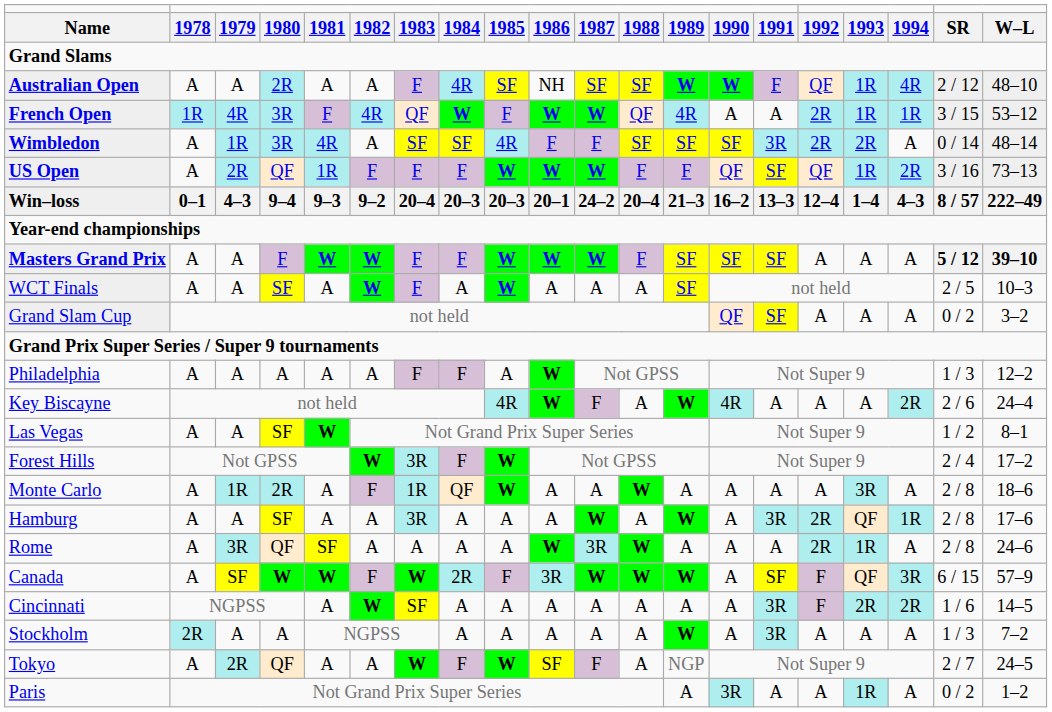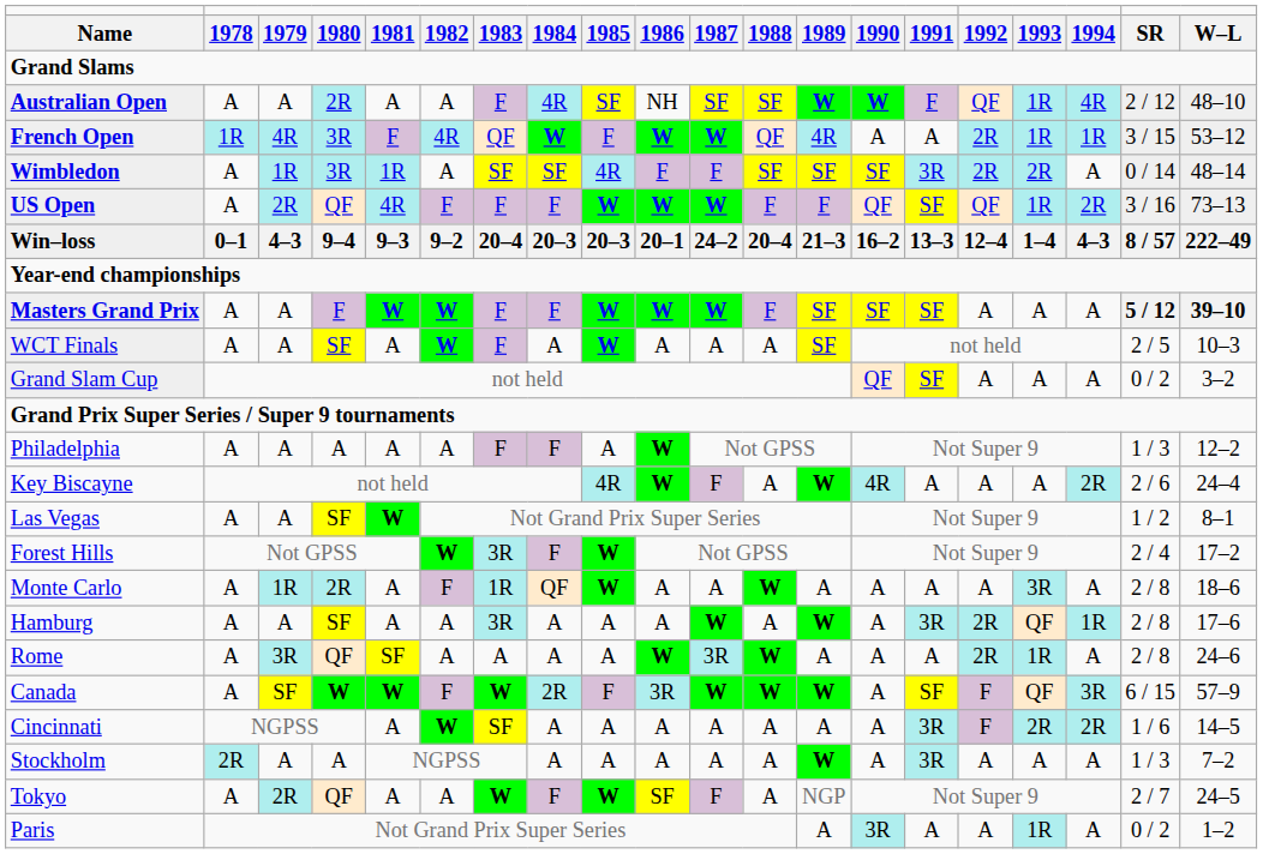 <table class="wikitable" style="text-align:center;">
 <tr>
 <td></td>
 <td colspan="14"></td>
 <td colspan="3"></td>
 <td colspan="2"></td>
 </tr>
 <tr>
 <th>Name</th>
 <th><a href='#'>1978</a></th>
 <th><a href='#'>1979</a></th>
 <th><a href='#'>1980</a></th>
 <th><a href='#'>1981</a></th>
 <th><a href='#'>1982</a></th>
 <th><a href='#'>1983</a></th>
 <th><a href='#'>1984</a></th>
 <th><a href='#'>1985</a></th>
 <th><a href='#'>1986</a></th>
 <th><a href='#'>1987</a></th>
 <th><a href='#'>1988</a></th>
 <th><a href='#'>1989</a></th>
 <th><a href='#'>1990</a></th>
 <th><a href='#'>1991</a></th>
 <th><a href='#'>1992</a></th>
 <th><a href='#'>1993</a></th>
 <th><a href='#'>1994</a></th>
 <th>SR</th>
 <th>W–L</th>
 </tr>
 <tr>
 <td colspan="21" style="text-align:left;"><strong>Grand Slams</strong></td>
 </tr>
 <tr>
 <td style="background:#efefef; text-align:left;"><strong><a href='#'>Australian Open</a></strong></td>
 <td>A</td>
 <td>A</td>
 <td style="background:#afeeee;"><a href='#'>2R</a></td>
 <td>A</td>
 <td>A</td>
 <td style="background:thistle;"><a href='#'>F</a></td>
 <td style="background:#afeeee;"><a href='#'>4R</a></td>
 <td style="background:yellow;"><a href='#'>SF</a></td>
 <td>NH</td>
 <td style="background:yellow;"><a href='#'>SF</a></td>
 <td style="background:yellow;"><a href='#'>SF</a></td>
 <td style="background:#0f0;"><a href='#'><strong>W</strong></a></td>
 <td style="background:#0f0;"><a href='#'><strong>W</strong></a></td>
 <td style="background:thistle;"><a href='#'>F</a></td>
 <td style="background:#ffebcd;"><a href='#'>QF</a></td>
 <td style="background:#afeeee;"><a href='#'>1R</a></td>
 <td style="background:#afeeee;"><a href='#'>4R</a></td>
 <td style="background:#efefef;">2 / 12</td>
 <td style="background:#efefef;">48–10</td>
 </tr>
 <tr>
 <td style="background:#efefef; text-align:left;"><strong><a href='#'>French Open</a></strong></td>
 <td style="background:#afeeee;"><a href='#'>1R</a></td>
 <td style="background:#afeeee;"><a href='#'>4R</a></td>
 <td style="background:#afeeee;"><a href='#'>3R</a></td>
 <td style="background:thistle;"><a href='#'>F</a></td>
 <td style="background:#afeeee;"><a href='#'>4R</a></td>
 <td style="background:#ffebcd;"><a href='#'>QF</a></td>
 <td style="background:#0f0;"><a href='#'><strong>W</strong></a></td>
 <td style="background:thistle;"><a href='#'>F</a></td>
 <td style="background:#0f0;"><a href='#'><strong>W</strong></a></td>
 <td style="background:#0f0;"><a href='#'><strong>W</strong></a></td>
 <td style="background:#ffebcd;"><a href='#'>QF</a></td>
 <td style="background:#afeeee;"><a href='#'>4R</a></td>
 <td>A</td>
 <td>A</td>
 <td style="background:#afeeee;"><a href='#'>2R</a></td>
 <td style="background:#afeeee;"><a href='#'>1R</a></td>
 <td style="background:#afeeee;"><a href='#'>1R</a></td>
 <td style="background:#efefef;">3 / 15</td>
 <td style="background:#efefef;">53–12</td>
 </tr>
 <tr>
 <td style="background:#efefef; text-align:left;"><strong><a href='#'>Wimbledon</a></strong></td>
 <td>A</td>
 <td style="background:#afeeee;"><a href='#'>1R</a></td>
 <td style="background:#afeeee;"><a href='#'>3R</a></td>
-<td style="background:#afeeee;"><a href='#'>4R</a></td>
+<td style="background:#afeeee;"><a href='#'>1R</a></td>
 <td>A</td>
 <td style="background:yellow;"><a href='#'>SF</a></td>
 <td style="background:yellow;"><a href='#'>SF</a></td>
 <td style="background:#afeeee;"><a href='#'>4R</a></td>
 <td style="background:thistle;"><a href='#'>F</a></td>
 <td style="background:thistle;"><a href='#'>F</a></td>
 <td style="background:yellow;"><a href='#'>SF</a></td>
 <td style="background:yellow;"><a href='#'>SF</a></td>
 <td style="background:yellow;"><a href='#'>SF</a></td>
 <td style="background:#afeeee;"><a href='#'>3R</a></td>
 <td style="background:#afeeee;"><a href='#'>2R</a></td>
 <td style="background:#afeeee;"><a href='#'>2R</a></td>
 <td>A</td>
 <td style="background:#efefef;">0 / 14</td>
 <td style="background:#efefef;">48–14</td>
 </tr>
 <tr>
 <td style="background:#efefef; text-align:left;"><strong><a href='#'>US Open</a></strong></td>
 <td>A</td>
 <td style="background:#afeeee;"><a href='#'>2R</a></td>
 <td style="background:#ffebcd;"><a href='#'>QF</a></td>
-<td style="background:#afeeee;"><a href='#'>1R</a></td>
+<td style="background:#afeeee;"><a href='#'>4R</a></td>
 <td style="background:thistle;"><a href='#'>F</a></td>
 <td style="background:thistle;"><a href='#'>F</a></td>
 <td style="background:thistle;"><a href='#'>F</a></td>
 <td style="background:#0f0;"><a href='#'><strong>W</strong></a></td>
 <td style="background:#0f0;"><a href='#'><strong>W</strong></a></td>
 <td style="background:#0f0;"><a href='#'><strong>W</strong></a></td>
 <td style="background:thistle;"><a href='#'>F</a></td>
 <td style="background:thistle;"><a href='#'>F</a></td>
 <td style="background:#ffebcd;"><a href='#'>QF</a></td>
 <td style="background:yellow;"><a href='#'>SF</a></td>
 <td style="background:#ffebcd;"><a href='#'>QF</a></td>
 <td style="background:#afeeee;"><a href='#'>1R</a></td>
 <td style="background:#afeeee;"><a href='#'>2R</a></td>
 <td style="background:#efefef;">3 / 16</td>
 <td style="background:#efefef;">73–13</td>
 </tr>
 <tr>
 <td style="background:#efefef; text-align:left;"><strong>Win–loss</strong></td>
 <th>0–1</th>
 <th>4–3</th>
 <th>9–4</th>
 <th>9–3</th>
 <th>9–2</th>
 <th>20–4</th>
 <th>20–3</th>
 <th>20–3</th>
 <th>20–1</th>
 <th>24–2</th>
 <th>20–4</th>
 <th>21–3</th>
 <th>16–2</th>
 <th>13–3</th>
 <th>12–4</th>
 <th>1–4</th>
 <th>4–3</th>
 <th>8 / 57</th>
 <th>222–49</th>
 </tr>
 <tr>
 <td colspan="21" style="text-align:left;"><strong>Year-end championships</strong></td>
 </tr>
 <tr>
 <td style="background:#efefef; text-align:left;"><strong><a href='#'>Masters Grand Prix</a> </strong></td>
 <td>A</td>
 <td>A</td>
 <td style="background:thistle;"><a href='#'>F</a></td>
 <td style="background:#0f0;"><a href='#'><strong>W</strong></a></td>
 <td style="background:#0f0;"><a href='#'><strong>W</strong></a></td>
 <td style="background:thistle;"><a href='#'>F</a></td>
 <td style="background:thistle;"><a href='#'>F</a></td>
 <td style="background:#0f0;"><a href='#'><strong>W</strong></a></td>
 <td style="background:#0f0;"><a href='#'><strong>W</strong></a></td>
 <td style="background:#0f0;"><a href='#'><strong>W</strong></a></td>
 <td style="background:thistle;"><a href='#'>F</a></td>
 <td style="background:yellow;"><a href='#'>SF</a></td>
 <td style="background:yellow;"><a href='#'>SF</a></td>
 <td style="background:yellow;"><a href='#'>SF</a></td>
 <td>A</td>
 <td>A</td>
 <td>A</td>
 <th>5 / 12</th>
 <th>39–10</th>
 </tr>
 <tr>
 <td style="background:#efefef; text-align:left;"><a href='#'>WCT Finals</a></td>
 <td>A</td>
 <td>A</td>
 <td style="background:yellow;"><a href='#'>SF</a></td>
 <td>A</td>
 <td style="background:#0f0;"><a href='#'><strong>W</strong></a></td>
 <td style="background:thistle;"><a href='#'>F</a></td>
 <td>A</td>
 <td style="background:#0f0;"><a href='#'><strong>W</strong></a></td>
 <td>A</td>
 <td>A</td>
 <td>A</td>
 <td style="background:yellow;"><a href='#'>SF</a></td>
 <td colspan=5 style=color:#767676>not held</td>
 <td>2 / 5</td>
 <td>10–3</td>
 </tr>
 <tr>
 <td style="background:#efefef; text-align:left;"><a href='#'>Grand Slam Cup</a></td>
 <td colspan=12 style=color:#767676>not held</td>
 <td style="background:#ffebcd;"><a href='#'>QF</a></td>
 <td style="background:yellow;"><a href='#'>SF</a></td>
 <td>A</td>
 <td>A</td>
 <td>A</td>
 <td>0 / 2</td>
 <td>3–2</td>
 </tr>
 <tr>
 <td colspan="20" style="text-align:left;"><strong>Grand Prix Super Series / Super 9 tournaments</strong></td>
 </tr>
 <tr>
 <td align=left><a href='#'>Philadelphia</a></td>
 <td>A</td>
 <td>A</td>
 <td>A</td>
 <td>A</td>
 <td>A</td>
 <td style="background:thistle;">F</td>
 <td style="background:thistle;">F</td>
 <td>A</td>
 <td bgcolor=lime><strong>W</strong></td>
 <td colspan=3 style=color:#767676>Not GPSS</td>
 <td colspan=5 style=color:#767676>Not Super 9</td>
 <td>1 / 3</td>
 <td>12–2</td>
 </tr>
 <tr>
 <td align=left><a href='#'>Key Biscayne</a></td>
 <td colspan=7 style=color:#767676>not held</td>
 <td bgcolor=afeeee>4R</td>
 <td bgcolor=lime><strong>W</strong></td>
 <td style="background:thistle;">F</td>
 <td>A</td>
 <td bgcolor=lime><strong>W</strong></td>
 <td bgcolor=afeeee>4R</td>
 <td>A</td>
 <td>A</td>
 <td>A</td>
 <td bgcolor=afeeee>2R</td>
 <td>2 / 6</td>
 <td>24–4</td>
 </tr>
 <tr>
 <td align=left><a href='#'>Las Vegas</a></td>
 <td>A</td>
 <td>A</td>
 <td style="background:yellow;">SF</td>
 <td bgcolor=lime><strong>W</strong></td>
 <td colspan=8 style=color:#767676>Not Grand Prix Super Series</td>
 <td colspan=5 style=color:#767676>Not Super 9</td>
 <td>1 / 2</td>
 <td>8–1</td>
 </tr>
 <tr>
 <td align=left><a href='#'>Forest Hills</a></td>
 <td colspan=4 style=color:#767676>Not GPSS</td>
 <td bgcolor=lime><strong>W</strong></td>
 <td bgcolor=afeeee>3R</td>
 <td style="background:thistle;">F</td>
 <td bgcolor=lime><strong>W</strong></td>
 <td colspan=4 style=color:#767676>Not GPSS</td>
 <td colspan=5 style=color:#767676>Not Super 9</td>
 <td>2 / 4</td>
 <td>17–2</td>
 </tr>
 <tr>
 <td align=left><a href='#'>Monte Carlo</a></td>
 <td>A</td>
 <td bgcolor=afeeee>1R</td>
 <td bgcolor=afeeee>2R</td>
 <td>A</td>
 <td style="background:thistle;">F</td>
 <td bgcolor=afeeee>1R</td>
 <td bgcolor=ffebcd>QF</td>
 <td bgcolor=lime><strong>W</strong></td>
 <td>A</td>
 <td>A</td>
 <td bgcolor=lime><strong>W</strong></td>
 <td>A</td>
 <td>A</td>
 <td>A</td>
 <td>A</td>
 <td bgcolor=afeeee>3R</td>
 <td>A</td>
 <td>2 / 8</td>
 <td>18–6</td>
 </tr>
 <tr>
 <td align=left><a href='#'>Hamburg</a></td>
 <td>A</td>
 <td>A</td>
 <td style="background:yellow;">SF</td>
 <td>A</td>
 <td>A</td>
 <td bgcolor=afeeee>3R</td>
 <td>A</td>
 <td>A</td>
 <td>A</td>
 <td bgcolor=lime><strong>W</strong></td>
 <td>A</td>
 <td bgcolor=lime><strong>W</strong></td>
 <td>A</td>
 <td bgcolor=afeeee>3R</td>
 <td bgcolor=afeeee>2R</td>
 <td bgcolor=ffebcd>QF</td>
 <td bgcolor=afeeee>1R</td>
 <td>2 / 8</td>
 <td>17–6</td>
 </tr>
 <tr>
 <td align=left><a href='#'>Rome</a></td>
 <td>A</td>
 <td bgcolor=afeeee>3R</td>
 <td bgcolor=ffebcd>QF</td>
 <td style="background:yellow;">SF</td>
 <td>A</td>
 <td>A</td>
 <td>A</td>
 <td>A</td>
 <td bgcolor=lime><strong>W</strong></td>
 <td bgcolor=afeeee>3R</td>
 <td bgcolor=lime><strong>W</strong></td>
 <td>A</td>
 <td>A</td>
 <td>A</td>
 <td bgcolor=afeeee>2R</td>
 <td bgcolor=afeeee>1R</td>
 <td>A</td>
 <td>2 / 8</td>
 <td>24–6</td>
 </tr>
 <tr>
 <td align=left><a href='#'>Canada</a></td>
 <td>A</td>
 <td style="background:yellow;">SF</td>
 <td bgcolor=lime><strong>W</strong></td>
 <td bgcolor=lime><strong>W</strong></td>
 <td style="background:thistle;">F</td>
 <td bgcolor=lime><strong>W</strong></td>
 <td bgcolor=afeeee>2R</td>
 <td style="background:thistle;">F</td>
 <td bgcolor=afeeee>3R</td>
 <td bgcolor=lime><strong>W</strong></td>
 <td bgcolor=lime><strong>W</strong></td>
 <td bgcolor=lime><strong>W</strong></td>
 <td>A</td>
 <td style="background:yellow;">SF</td>
 <td style="background:thistle;">F</td>
 <td bgcolor=ffebcd>QF</td>
 <td bgcolor=afeeee>3R</td>
 <td>6 / 15</td>
 <td>57–9</td>
 </tr>
 <tr>
 <td align=left><a href='#'>Cincinnati</a></td>
 <td colspan=3 style=color:#767676>NGPSS</td>
 <td>A</td>
 <td bgcolor=lime><strong>W</strong></td>
 <td style="background:yellow;">SF</td>
 <td>A</td>
 <td>A</td>
 <td>A</td>
 <td>A</td>
 <td>A</td>
 <td>A</td>
 <td>A</td>
 <td bgcolor=afeeee>3R</td>
 <td style="background:thistle;">F</td>
 <td bgcolor=afeeee>2R</td>
 <td bgcolor=afeeee>2R</td>
 <td>1 / 6</td>
 <td>14–5</td>
 </tr>
 <tr>
 <td align=left><a href='#'>Stockholm</a></td>
 <td bgcolor=afeeee>2R</td>
 <td>A</td>
 <td>A</td>
 <td colspan=3 style=color:#767676>NGPSS</td>
 <td>A</td>
 <td>A</td>
 <td>A</td>
 <td>A</td>
 <td>A</td>
 <td bgcolor=lime><strong>W</strong></td>
 <td>A</td>
 <td bgcolor=afeeee>3R</td>
 <td>A</td>
 <td>A</td>
 <td>A</td>
 <td>1 / 3</td>
 <td>7–2</td>
 </tr>
 <tr>
 <td align=left><a href='#'>Tokyo</a></td>
 <td>A</td>
 <td bgcolor=afeeee>2R</td>
 <td bgcolor=ffebcd>QF</td>
 <td>A</td>
 <td>A</td>
 <td bgcolor=lime><strong>W</strong></td>
 <td style="background:thistle;">F</td>
 <td bgcolor=lime><strong>W</strong></td>
 <td style="background:yellow;">SF</td>
 <td style="background:thistle;">F</td>
 <td>A</td>
 <td style="color:#767676;">NGP</td>
 <td colspan=5 style=color:#767676>Not Super 9</td>
 <td>2 / 7</td>
 <td>24–5</td>
 </tr>
 <tr>
 <td align=left><a href='#'>Paris</a></td>
 <td colspan=11 style=color:#767676>Not Grand Prix Super Series</td>
 <td>A</td>
 <td bgcolor=afeeee>3R</td>
 <td>A</td>
 <td>A</td>
 <td bgcolor=afeeee>1R</td>
 <td>A</td>
 <td>0 / 2</td>
 <td>1–2</td>
 </tr>
 </table>
